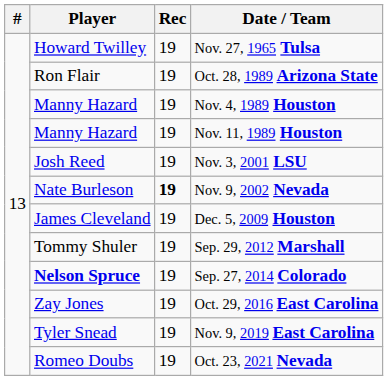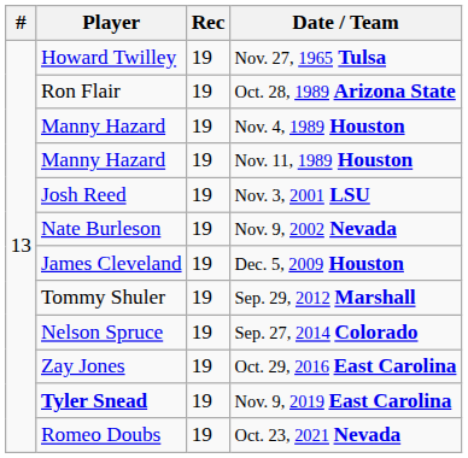 <table class="wikitable" style="font-size:90%; white-space: nowrap;">
 <tr>
 <th>#</th>
 <th>Player</th>
 <th>Rec</th>
 <th>Date / Team</th>
 </tr>
 <tr>
 <td rowspan=12>13</td>
 <td><a href='#'>Howard Twilley</a></td>
 <td>19</td>
 <td><small>Nov. 27, <a href='#'>1965</a></small> <strong><a href='#'>Tulsa</a></strong></td>
 </tr>
 <tr>
 <td>Ron Flair</td>
 <td>19</td>
 <td><small>Oct. 28, <a href='#'>1989</a> </small> <strong><a href='#'>Arizona State</a></strong></td>
 </tr>
 <tr>
 <td><a href='#'>Manny Hazard</a></td>
 <td>19</td>
 <td><small>Nov. 4, <a href='#'>1989</a></small> <strong><a href='#'>Houston</a></strong></td>
 </tr>
 <tr>
 <td><a href='#'>Manny Hazard</a></td>
 <td>19</td>
 <td><small>Nov. 11, <a href='#'>1989</a></small> <strong><a href='#'>Houston</a></strong></td>
 </tr>
 <tr>
 <td><a href='#'>Josh Reed</a></td>
 <td>19</td>
 <td><small>Nov. 3, <a href='#'>2001</a></small> <strong><a href='#'>LSU</a></strong></td>
 </tr>
 <tr>
 <td><a href='#'>Nate Burleson</a></td>
-<td><strong>19</strong></td>
+<td>19</td>
 <td><small>Nov. 9, <a href='#'>2002</a></small> <strong><a href='#'>Nevada</a></strong></td>
 </tr>
 <tr>
 <td><a href='#'>James Cleveland</a></td>
 <td>19</td>
 <td><small>Dec. 5, <a href='#'>2009</a></small> <strong><a href='#'>Houston</a></strong></td>
 </tr>
 <tr>
 <td>Tommy Shuler</td>
 <td>19</td>
 <td><small>Sep. 29, <a href='#'>2012</a> </small> <strong><a href='#'>Marshall</a></strong></td>
 </tr>
 <tr>
-<td><strong><a href='#'>Nelson Spruce</a></strong></td>
+<td><a href='#'>Nelson Spruce</a></td>
 <td>19</td>
 <td><small>Sep. 27, <a href='#'>2014</a> </small> <strong><a href='#'>Colorado</a></strong></td>
 </tr>
 <tr>
 <td><a href='#'>Zay Jones</a></td>
 <td>19</td>
 <td><small>Oct. 29, <a href='#'>2016</a> </small> <strong><a href='#'>East Carolina</a></strong></td>
 </tr>
 <tr>
-<td><a href='#'>Tyler Snead</a></td>
+<td><strong><a href='#'>Tyler Snead</a></strong></td>
 <td>19</td>
 <td><small>Nov. 9, <a href='#'>2019</a> </small> <strong><a href='#'>East Carolina</a></strong></td>
 </tr>
 <tr>
 <td><a href='#'>Romeo Doubs</a></td>
 <td>19</td>
 <td><small>Oct. 23, <a href='#'>2021</a> </small> <strong><a href='#'>Nevada</a></strong></td>
 </tr>
 </table>
